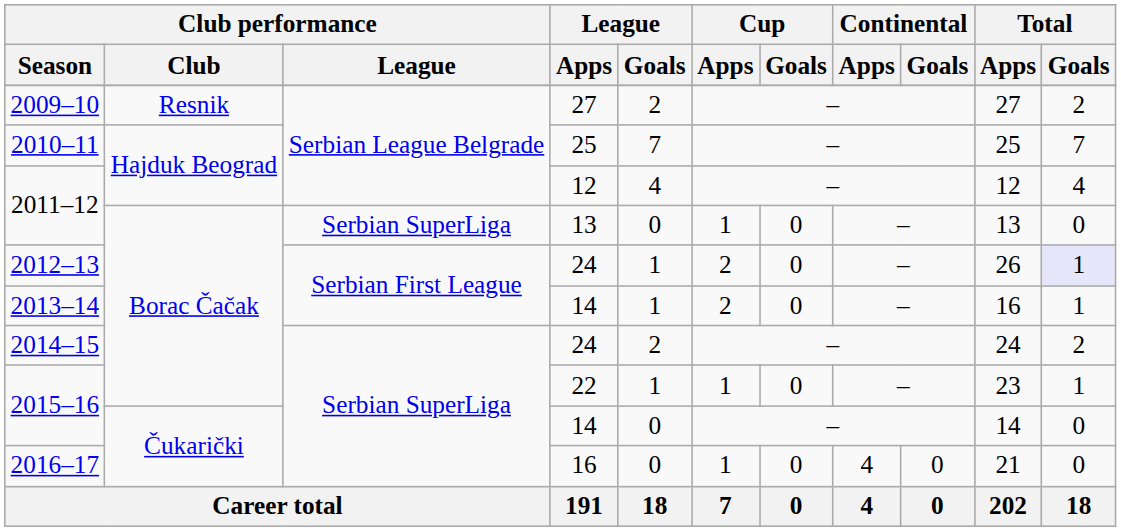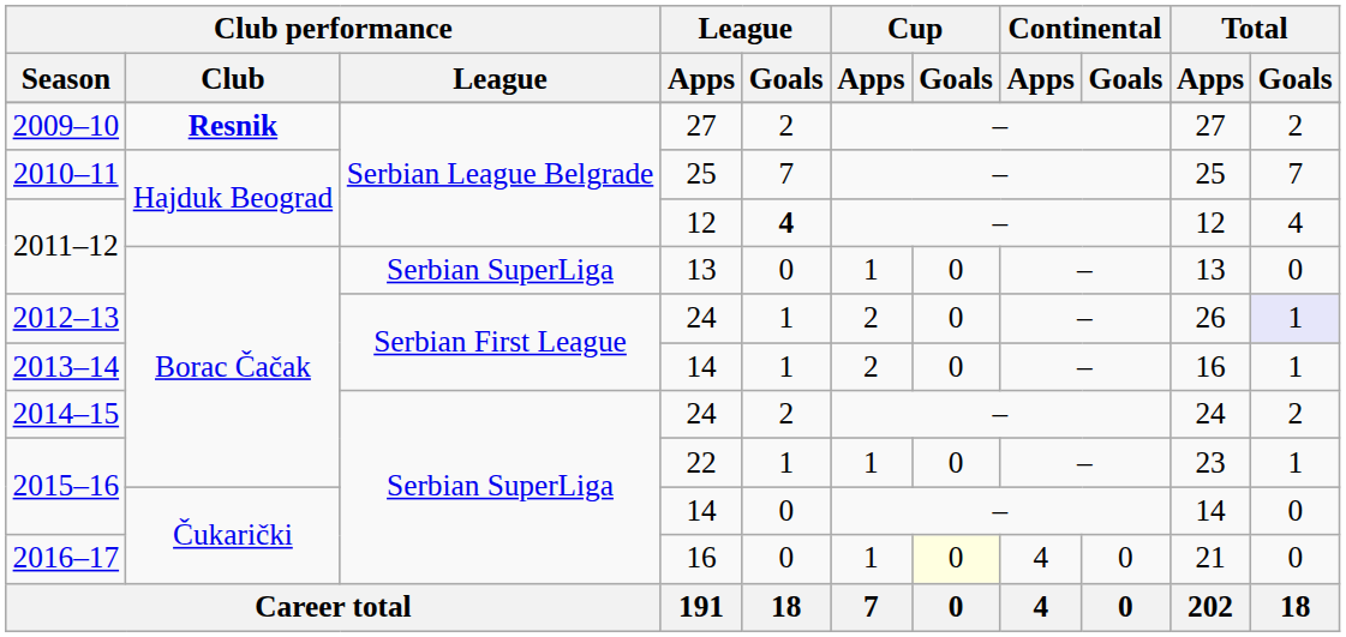 <table class="wikitable" style="text-align:center">
 <tr>
 <th colspan=3>Club performance</th>
 <th colspan=2>League</th>
 <th colspan=2>Cup</th>
 <th colspan=2>Continental</th>
 <th colspan=2>Total</th>
 </tr>
 <tr>
 <th>Season</th>
 <th>Club</th>
 <th>League</th>
 <th>Apps</th>
 <th>Goals</th>
 <th>Apps</th>
 <th>Goals</th>
 <th>Apps</th>
 <th>Goals</th>
 <th>Apps</th>
 <th>Goals</th>
 </tr>
 <tr>
 </tr>
 <tr>
 <td><a href='#'>2009–10</a></td>
-<td><a href='#'>Resnik</a></td>
+<td><strong><a href='#'>Resnik</a></strong></td>
 <td rowspan="3"><a href='#'>Serbian League Belgrade</a></td>
 <td>27</td>
 <td>2</td>
 <td colspan="4">–</td>
 <td>27</td>
 <td>2</td>
 </tr>
 <tr>
 <td><a href='#'>2010–11</a></td>
 <td rowspan="2"><a href='#'>Hajduk Beograd</a></td>
 <td>25</td>
 <td>7</td>
 <td colspan="4">–</td>
 <td>25</td>
 <td>7</td>
 </tr>
 <tr>
 <td rowspan="2">2011–12</td>
 <td>12</td>
-<td>4</td>
+<td><strong>4</strong></td>
 <td colspan="4">–</td>
 <td>12</td>
 <td>4</td>
 </tr>
 <tr>
 <td rowspan="5"><a href='#'>Borac Čačak</a></td>
 <td><a href='#'>Serbian SuperLiga</a></td>
 <td>13</td>
 <td>0</td>
 <td>1</td>
 <td>0</td>
 <td colspan="2">–</td>
 <td>13</td>
 <td>0</td>
 </tr>
 <tr>
 <td><a href='#'>2012–13</a></td>
 <td rowspan="2"><a href='#'>Serbian First League</a></td>
 <td>24</td>
 <td>1</td>
 <td>2</td>
 <td>0</td>
 <td colspan="2">–</td>
 <td>26</td>
 <td style="background: lavender;">1</td>
 </tr>
 <tr>
 <td><a href='#'>2013–14</a></td>
 <td>14</td>
 <td>1</td>
 <td>2</td>
 <td>0</td>
 <td colspan="2">–</td>
 <td>16</td>
 <td>1</td>
 </tr>
 <tr>
 <td><a href='#'>2014–15</a></td>
 <td rowspan="4"><a href='#'>Serbian SuperLiga</a></td>
 <td>24</td>
 <td>2</td>
 <td colspan="4">–</td>
 <td>24</td>
 <td>2</td>
 </tr>
 <tr>
 <td rowspan="2"><a href='#'>2015–16</a></td>
 <td>22</td>
 <td>1</td>
 <td>1</td>
 <td>0</td>
 <td colspan="2">–</td>
 <td>23</td>
 <td>1</td>
 </tr>
 <tr>
 <td rowspan="2"><a href='#'>Čukarički</a></td>
 <td>14</td>
 <td>0</td>
 <td colspan="4">–</td>
 <td>14</td>
 <td>0</td>
 </tr>
 <tr>
 <td><a href='#'>2016–17</a></td>
 <td>16</td>
 <td>0</td>
 <td>1</td>
-<td>0</td>
+<td style="background: lightyellow;">0</td>
 <td>4</td>
 <td>0</td>
 <td>21</td>
 <td>0</td>
 </tr>
 <tr>
 <th colspan=3>Career total</th>
 <th>191</th>
 <th>18</th>
 <th>7</th>
 <th>0</th>
 <th>4</th>
 <th>0</th>
 <th>202</th>
 <th>18</th>
 </tr>
 </table>
